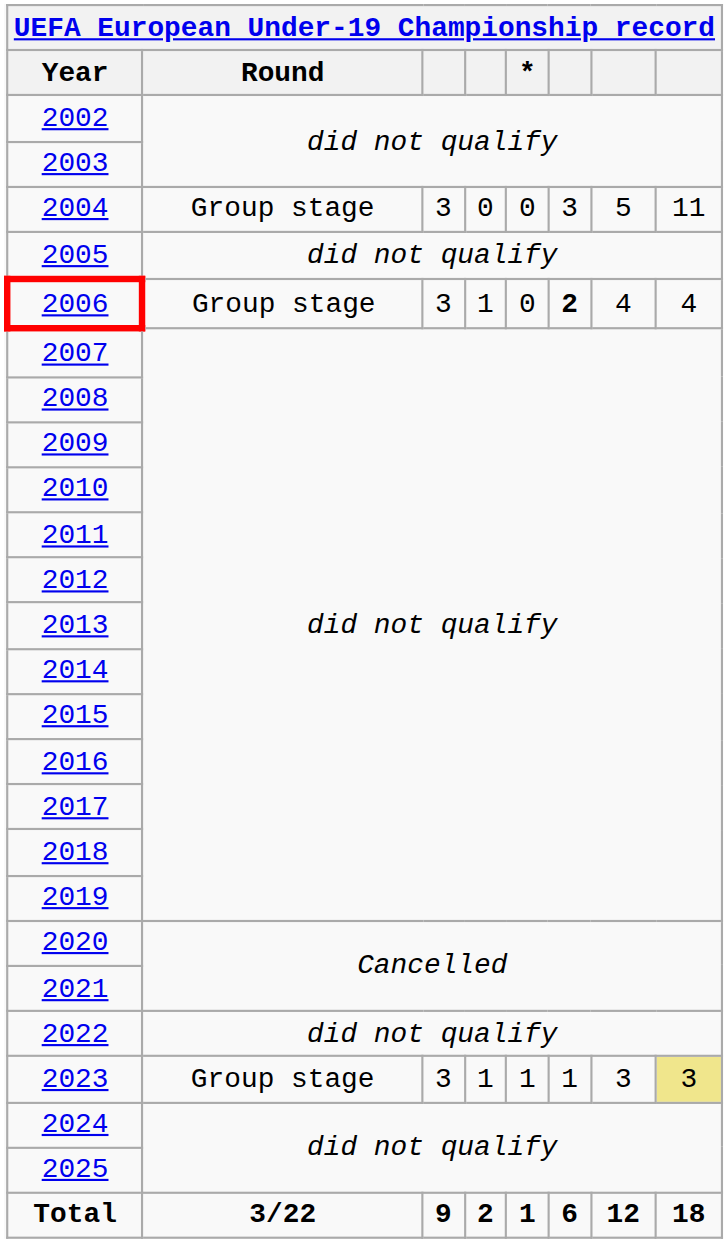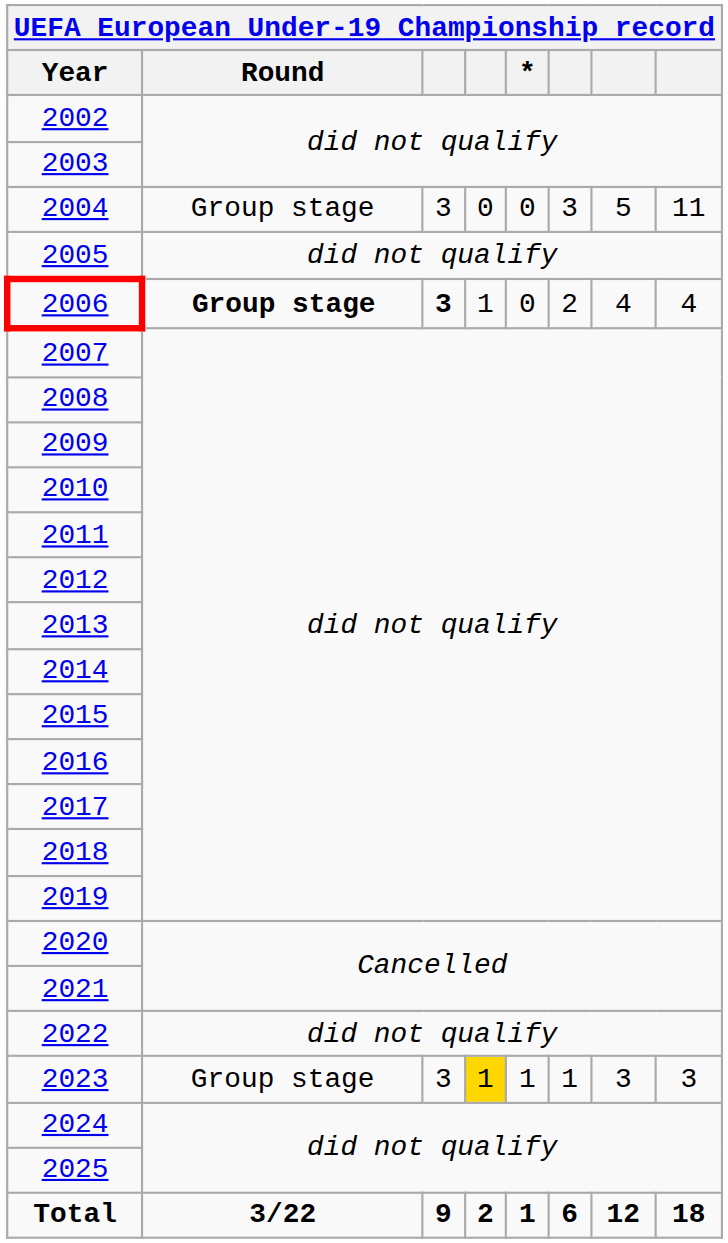 <table class="wikitable" style="text-align: center;">
 <tr>
 <th colspan=8><a href='#'>UEFA European Under-19 Championship record</a></th>
 </tr>
 <tr>
 <th>Year</th>
 <th>Round</th>
 <th></th>
 <th></th>
 <th> *</th>
 <th></th>
 <th></th>
 <th></th>
 </tr>
 <tr>
 <td> <a href='#'>2002</a></td>
 <td colspan=8 rowspan=2><em>did not qualify</em></td>
 </tr>
 <tr>
 <td> <a href='#'>2003</a></td>
 </tr>
 <tr>
 <td> <a href='#'>2004</a></td>
 <td>Group stage</td>
 <td>3</td>
 <td>0</td>
 <td>0</td>
 <td>3</td>
 <td>5</td>
 <td>11</td>
 </tr>
 <tr>
 <td> <a href='#'>2005</a></td>
 <td colspan=8 rowspan=1><em>did not qualify</em></td>
 </tr>
 <tr>
 <td style="border: 3px solid red"> <a href='#'>2006</a></td>
-<td>Group stage</td>
-<td>3</td>
+<td><strong>Group stage</strong></td>
+<td><strong>3</strong></td>
 <td>1</td>
 <td>0</td>
-<td><strong>2</strong></td>
+<td>2</td>
 <td>4</td>
 <td>4</td>
 </tr>
 <tr>
 <td> <a href='#'>2007</a></td>
 <td colspan=8 rowspan=13><em>did not qualify</em></td>
 </tr>
 <tr>
 <td> <a href='#'>2008</a></td>
 </tr>
 <tr>
 <td> <a href='#'>2009</a></td>
 </tr>
 <tr>
 <td> <a href='#'>2010</a></td>
 </tr>
 <tr>
 <td> <a href='#'>2011</a></td>
 </tr>
 <tr>
 <td> <a href='#'>2012</a></td>
 </tr>
 <tr>
 <td> <a href='#'>2013</a></td>
 </tr>
 <tr>
 <td> <a href='#'>2014</a></td>
 </tr>
 <tr>
 <td> <a href='#'>2015</a></td>
 </tr>
 <tr>
 <td> <a href='#'>2016</a></td>
 </tr>
 <tr>
 <td> <a href='#'>2017</a></td>
 </tr>
 <tr>
 <td> <a href='#'>2018</a></td>
 </tr>
 <tr>
 <td> <a href='#'>2019</a></td>
 </tr>
 <tr>
 <td> <a href='#'>2020</a></td>
 <td colspan=8 rowspan=2><em>Cancelled</em></td>
 </tr>
 <tr>
 <td> <a href='#'>2021</a></td>
 </tr>
 <tr>
 <td> <a href='#'>2022</a></td>
 <td colspan=8><em>did not qualify</em></td>
 </tr>
 <tr>
 <td> <a href='#'>2023</a></td>
 <td>Group stage</td>
 <td>3</td>
-<td>1</td>
+<td style="background: gold;">1</td>
 <td>1</td>
 <td>1</td>
 <td>3</td>
-<td style="background: khaki;">3</td>
+<td>3</td>
 </tr>
 <tr>
 <td> <a href='#'>2024</a></td>
 <td colspan=8 rowspan=2><em>did not qualify</em></td>
 </tr>
 <tr>
 <td> <a href='#'>2025</a></td>
 </tr>
 <tr>
 <td><strong>Total</strong></td>
 <td><strong>3/22</strong></td>
 <td><strong>9</strong></td>
 <td><strong>2</strong></td>
 <td><strong>1</strong></td>
 <td><strong>6</strong></td>
 <td><strong>12</strong></td>
 <td><strong>18</strong></td>
 </tr>
 </table>
